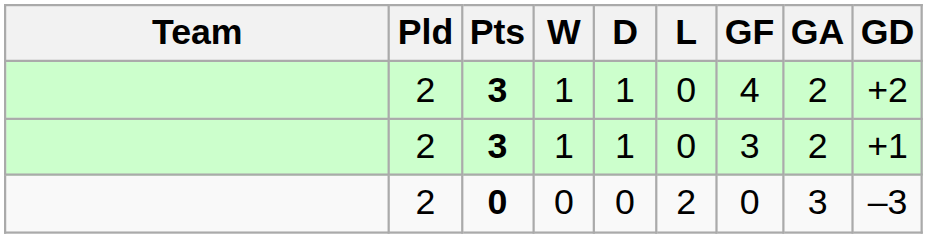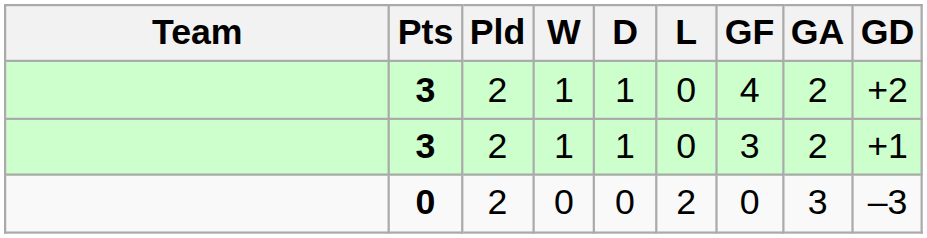 <table class=wikitable style="text-align:center">
 <tr>
 <th width=165>Team</th>
+<th width=20>Pts</th>
 <th width=20>Pld</th>
-<th width=20>Pts</th>
 <th width=20>W</th>
 <th width=20>D</th>
 <th width=20>L</th>
 <th width=20>GF</th>
 <th width=20>GA</th>
 <th width=20>GD</th>
 </tr>
 <tr align=center style="background:#ccffcc;">
 <td style="text-align:left;"></td>
+<td><strong>3</strong></td>
 <td>2</td>
-<td><strong>3</strong></td>
 <td>1</td>
 <td>1</td>
 <td>0</td>
 <td>4</td>
 <td>2</td>
 <td>+2</td>
 </tr>
 <tr align=center style="background:#ccffcc;">
 <td style="text-align:left;"></td>
+<td><strong>3</strong></td>
 <td>2</td>
-<td><strong>3</strong></td>
 <td>1</td>
 <td>1</td>
 <td>0</td>
 <td>3</td>
 <td>2</td>
 <td>+1</td>
 </tr>
 <tr align=center>
 <td style="text-align:left;"></td>
+<td><strong>0</strong></td>
 <td>2</td>
-<td><strong>0</strong></td>
 <td>0</td>
 <td>0</td>
 <td>2</td>
 <td>0</td>
 <td>3</td>
 <td>–3</td>
 </tr>
 </table>
